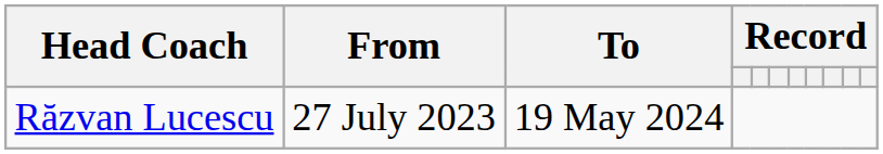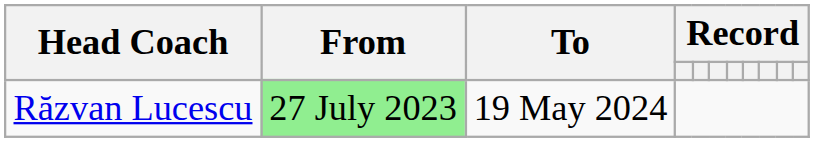 <table class="wikitable" style="text-align: left">
 <tr>
 <th rowspan=2>Head Coach</th>
 <th rowspan=2>From</th>
 <th rowspan=2>To</th>
 <th colspan=8>Record</th>
 </tr>
 <tr>
 <th></th>
 <th></th>
 <th></th>
 <th></th>
 <th></th>
 <th></th>
 <th></th>
 <th></th>
 </tr>
 <tr>
 <td> <a href='#'>Răzvan Lucescu</a></td>
-<td>27 July 2023</td>
+<td style="background: lightgreen;">27 July 2023</td>
 <td>19 May 2024<br></td>
 </tr>
 </table>
